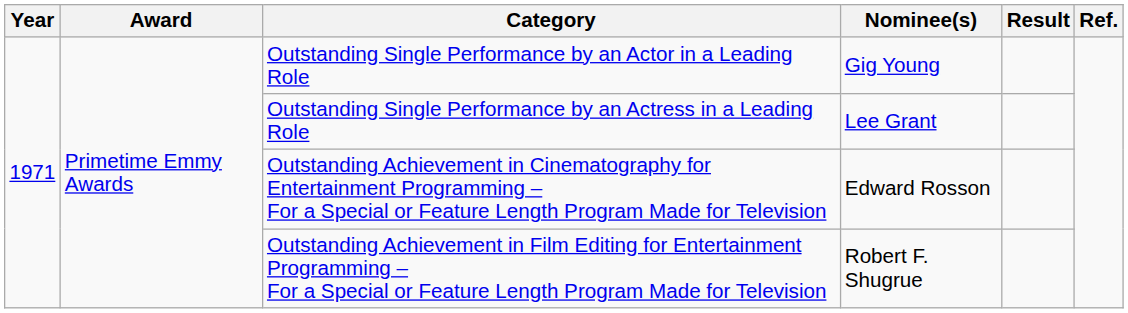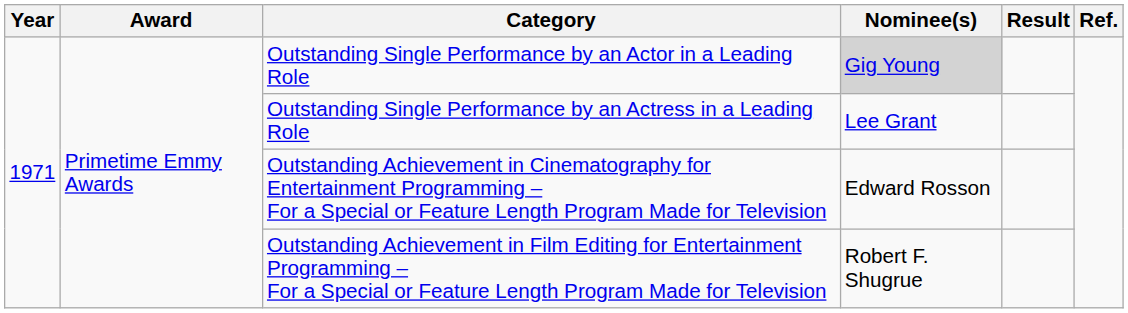 <table class="wikitable">
 <tr>
 <th>Year</th>
 <th>Award</th>
 <th>Category</th>
 <th>Nominee(s)</th>
 <th>Result</th>
 <th>Ref.</th>
 </tr>
 <tr>
 <td rowspan="4"><a href='#'>1971</a></td>
 <td rowspan="4"><a href='#'>Primetime Emmy Awards</a></td>
 <td><a href='#'>Outstanding Single Performance by an Actor in a Leading Role</a></td>
-<td><a href='#'>Gig Young</a></td>
+<td style="background: lightgrey;"><a href='#'>Gig Young</a></td>
 <td></td>
 <td align="center" rowspan="4"></td>
 </tr>
 <tr>
 <td><a href='#'>Outstanding Single Performance by an Actress in a Leading Role</a></td>
 <td><a href='#'>Lee Grant</a></td>
 <td></td>
 </tr>
 <tr>
 <td><a href='#'>Outstanding Achievement in Cinematography for Entertainment Programming – <br> For a Special or Feature Length Program Made for Television</a></td>
 <td>Edward Rosson</td>
 <td></td>
 </tr>
 <tr>
 <td><a href='#'>Outstanding Achievement in Film Editing for Entertainment Programming – <br> For a Special or Feature Length Program Made for Television</a></td>
 <td>Robert F. Shugrue</td>
 <td></td>
 </tr>
 </table>
